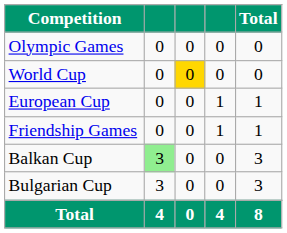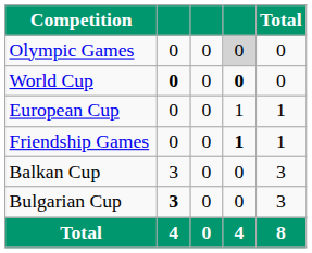 <table class="wikitable" style="text-align:center;">
 <tr>
 </tr>
 <tr style="color:white;">
 <th style="width:120px; background:#00966E; color:white;">Competition</th>
 <th style="width:20px; background:#00966E; color:white;"></th>
 <th style="width:20px; background:#00966E; color:white;"></th>
 <th style="width:20px; background:#00966E; color:white;"></th>
 <th style="width:20px; background:#00966E; color:white;">Total</th>
 </tr>
 <tr>
 <td align=left><a href='#'>Olympic Games</a></td>
 <td>0</td>
 <td>0</td>
-<td>0</td>
+<td style="background: lightgrey;">0</td>
 <td>0</td>
 </tr>
 <tr>
 <td align=left><a href='#'>World Cup</a></td>
+<td><strong>0</strong></td>
 <td>0</td>
-<td style="background: gold;">0</td>
-<td>0</td>
+<td><strong>0</strong></td>
 <td>0</td>
 </tr>
 <tr>
 <td align=left><a href='#'>European Cup</a></td>
 <td>0</td>
 <td>0</td>
 <td>1</td>
 <td>1</td>
 </tr>
 <tr>
 <td align=left><a href='#'>Friendship Games</a></td>
 <td>0</td>
 <td>0</td>
-<td>1</td>
+<td><strong>1</strong></td>
 <td>1</td>
 </tr>
 <tr>
 <td align=left>Balkan Cup</td>
-<td style="background: lightgreen;">3</td>
+<td>3</td>
 <td>0</td>
 <td>0</td>
 <td>3</td>
 </tr>
 <tr>
 <td align=left>Bulgarian Cup</td>
-<td>3</td>
+<td><strong>3</strong></td>
 <td>0</td>
 <td>0</td>
 <td>3</td>
 </tr>
 <tr>
 </tr>
 <tr style="color:white;">
 <th style="background:#00966E; color:white;">Total</th>
 <th style="background:#00966E; color:white;">4</th>
 <th style="background:#00966E; color:white;">0</th>
 <th style="background:#00966E; color:white;">4</th>
 <th style="background:#00966E; color:white;">8</th>
 </tr>
 </table>
